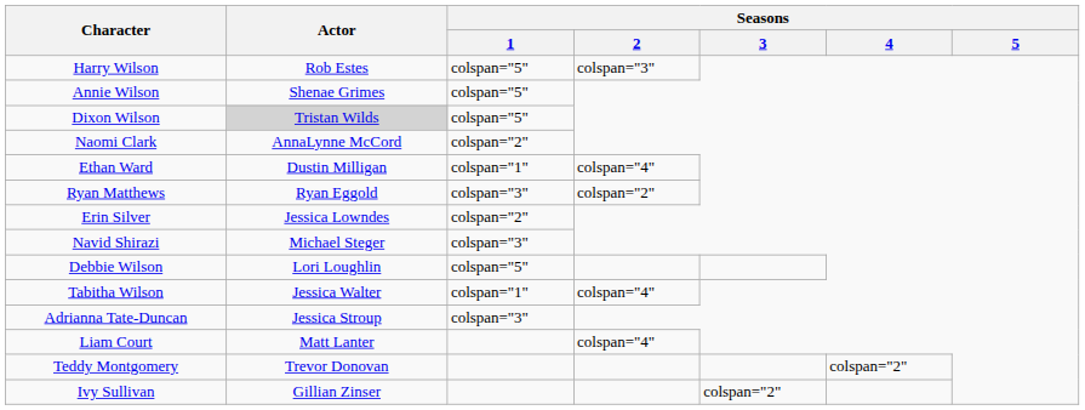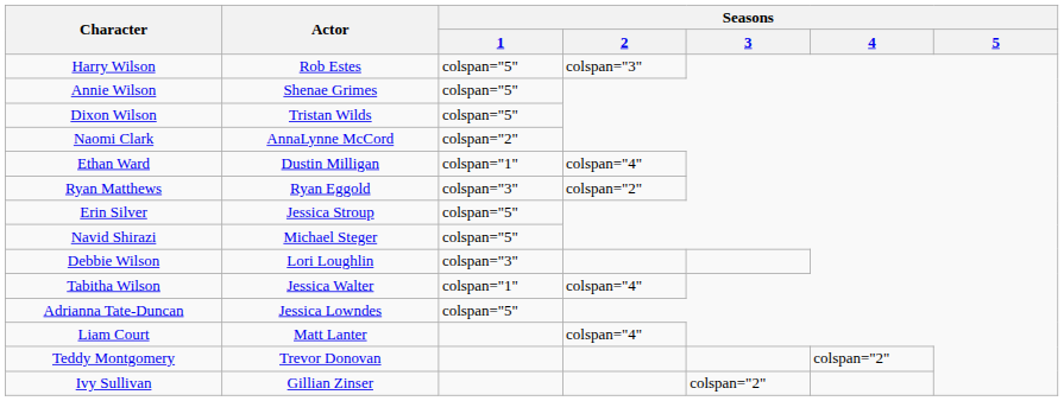 <table class="wikitable plainrowheaders">
 <tr>
 <th scope="col" rowspan="2" style="width:14%;">Character</th>
 <th scope="col" rowspan="2" style="width:14%;">Actor</th>
 <th scope="col" colspan="9">Seasons</th>
 </tr>
 <tr>
 <th scope="col" style="width:8%;"><a href='#'>1</a></th>
 <th scope="col" style="width:8%;"><a href='#'>2</a></th>
 <th scope="col" style="width:8%;"><a href='#'>3</a></th>
 <th scope="col" style="width:8%;"><a href='#'>4</a></th>
 <th scope="col" style="width:8%;"><a href='#'>5</a></th>
 </tr>
 <tr>
 <td style="text-align:center;"><a href='#'>Harry Wilson</a></td>
 <td style="text-align:center;"><a href='#'>Rob Estes</a></td>
 <td>colspan="5" </td>
 <td>colspan="3" </td>
 </tr>
 <tr>
 <td style="text-align:center;"><a href='#'>Annie Wilson</a></td>
 <td style="text-align:center;"><a href='#'>Shenae Grimes</a></td>
 <td>colspan="5" </td>
 </tr>
 <tr>
 <td style="text-align:center;"><a href='#'>Dixon Wilson</a></td>
-<td style="background: lightgrey; text-align:center;"><a href='#'>Tristan Wilds</a></td>
+<td style="text-align:center;"><a href='#'>Tristan Wilds</a></td>
 <td>colspan="5" </td>
 </tr>
 <tr>
 <td style="text-align:center;"><a href='#'>Naomi Clark</a></td>
 <td style="text-align:center;"><a href='#'>AnnaLynne McCord</a></td>
 <td>colspan="2" </td>
 </tr>
 <tr>
 <td style="text-align:center;"><a href='#'>Ethan Ward</a></td>
 <td style="text-align:center;"><a href='#'>Dustin Milligan</a></td>
 <td>colspan="1" </td>
 <td>colspan="4" </td>
 </tr>
 <tr>
 <td style="text-align:center;"><a href='#'>Ryan Matthews</a></td>
 <td style="text-align:center;"><a href='#'>Ryan Eggold</a></td>
 <td>colspan="3" </td>
 <td>colspan="2" </td>
 </tr>
 <tr>
 <td style="text-align:center;"><a href='#'>Erin Silver</a></td>
-<td style="text-align:center;"><a href='#'>Jessica Lowndes</a></td>
-<td>colspan="2" </td>
+<td style="text-align:center;"><a href='#'>Jessica Stroup</a></td>
+<td>colspan="5" </td>
 </tr>
 <tr>
 <td style="text-align:center;"><a href='#'>Navid Shirazi</a></td>
 <td style="text-align:center;"><a href='#'>Michael Steger</a></td>
-<td>colspan="3" </td>
+<td>colspan="5" </td>
 </tr>
 <tr>
 <td style="text-align:center;"><a href='#'>Debbie Wilson</a></td>
 <td style="text-align:center;"><a href='#'>Lori Loughlin</a></td>
-<td>colspan="5" </td>
+<td>colspan="3" </td>
 <td></td>
 <td></td>
 </tr>
 <tr>
 <td style="text-align:center;"><a href='#'>Tabitha Wilson</a></td>
 <td style="text-align:center;"><a href='#'>Jessica Walter</a></td>
 <td>colspan="1" </td>
 <td>colspan="4" </td>
 </tr>
 <tr>
 <td style="text-align:center;"><a href='#'>Adrianna Tate-Duncan</a></td>
-<td style="text-align:center;"><a href='#'>Jessica Stroup</a></td>
-<td>colspan="3" </td>
+<td style="text-align:center;"><a href='#'>Jessica Lowndes</a></td>
+<td>colspan="5" </td>
 </tr>
 <tr>
 <td style="text-align:center;"><a href='#'>Liam Court</a></td>
 <td style="text-align:center;"><a href='#'>Matt Lanter</a></td>
 <td></td>
 <td>colspan="4" </td>
 </tr>
 <tr>
 <td style="text-align:center;"><a href='#'>Teddy Montgomery</a></td>
 <td style="text-align:center;"><a href='#'>Trevor Donovan</a></td>
 <td></td>
 <td></td>
 <td></td>
 <td>colspan="2" </td>
 </tr>
 <tr>
 <td style="text-align:center;"><a href='#'>Ivy Sullivan</a></td>
 <td style="text-align:center;"><a href='#'>Gillian Zinser</a></td>
 <td></td>
 <td></td>
 <td>colspan="2" </td>
 <td></td>
 </tr>
 </table>
